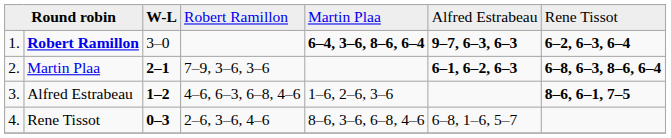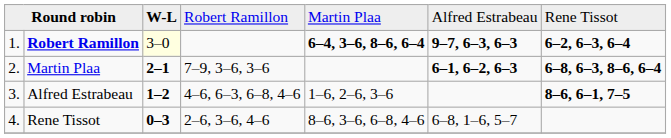 <table class="wikitable" style="font-size:90%;">
 <tr bgcolor="#eeeeee">
 <td colspan="2" align="center"><strong>Round robin</strong></td>
 <td><strong>W-L</strong></td>
 <td> <a href='#'>Robert Ramillon</a></td>
 <td> <a href='#'>Martin Plaa</a></td>
 <td> Alfred Estrabeau</td>
 <td> Rene Tissot</td>
 </tr>
 <tr>
 <td>1.</td>
 <td><strong> <a href='#'>Robert Ramillon</a></strong></td>
-<td>3–0</td>
+<td style="background: lightyellow;">3–0</td>
 <td></td>
 <td><strong>6–4, 3–6, 8–6, 6–4</strong></td>
 <td><strong>9–7, 6–3, 6–3</strong></td>
 <td><strong>6–2, 6–3, 6–4</strong></td>
 </tr>
 <tr>
 <td>2.</td>
 <td> <a href='#'>Martin Plaa</a></td>
 <td><strong>2–1</strong></td>
 <td>7–9, 3–6, 3–6</td>
 <td></td>
 <td><strong>6–1, 6–2, 6–3</strong></td>
 <td><strong>6–8, 6–3, 8–6, 6–4</strong></td>
 </tr>
 <tr>
 <td>3.</td>
 <td> Alfred Estrabeau</td>
 <td><strong>1–2</strong></td>
 <td>4–6, 6–3, 6–8, 4–6</td>
 <td>1–6, 2–6, 3–6</td>
 <td></td>
 <td><strong>8–6, 6–1, 7–5</strong></td>
 </tr>
 <tr>
 <td>4.</td>
 <td> Rene Tissot</td>
 <td><strong>0–3</strong></td>
 <td>2–6, 3–6, 4–6</td>
 <td>8–6, 3–6, 6–8, 4–6</td>
 <td>6–8, 1–6, 5–7</td>
 <td></td>
 </tr>
 <tr>
 </tr>
 </table>
